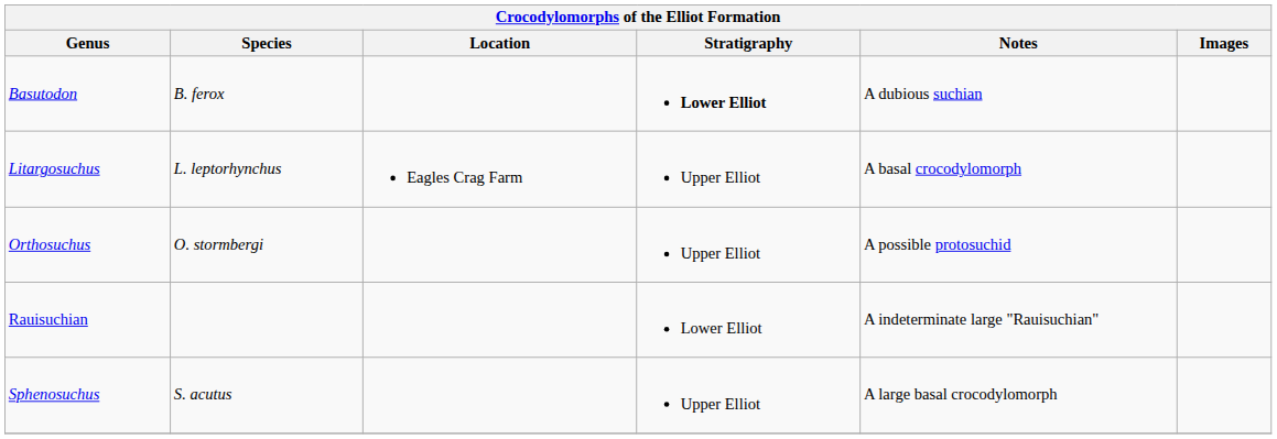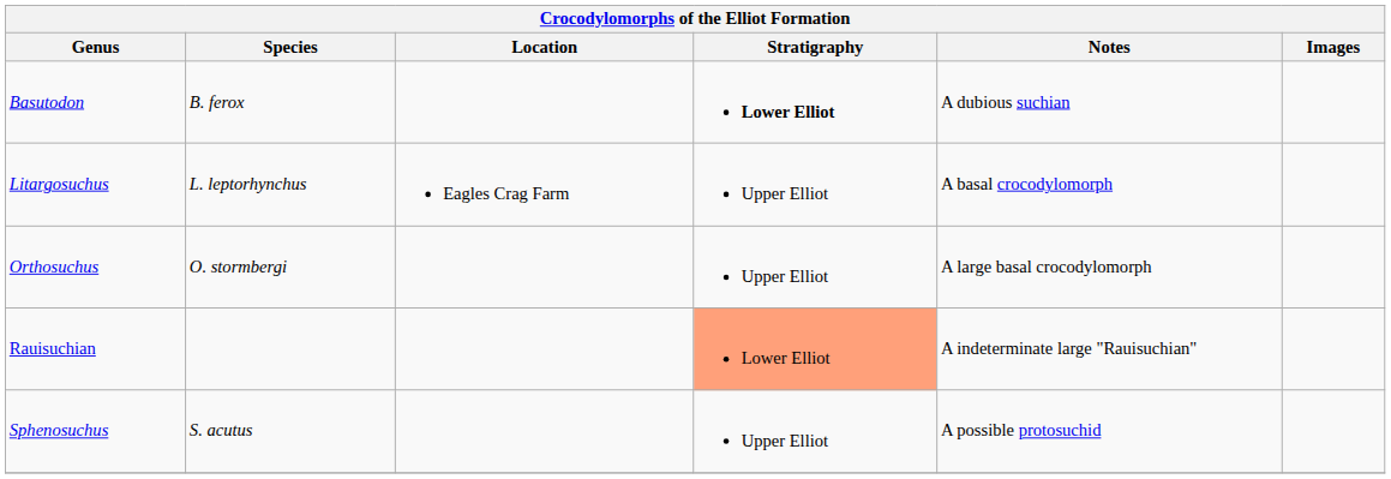 <table class="wikitable" style="width:100%">
 <tr>
 <th colspan="7" style="text-align: center;"><a href='#'>Crocodylomorphs</a> of the Elliot Formation</th>
 </tr>
 <tr>
 <th>Genus</th>
 <th>Species</th>
 <th>Location</th>
 <th>Stratigraphy</th>
 <th style="width: 25%;">Notes</th>
 <th>Images</th>
 </tr>
 <tr>
 <td><em><a href='#'>Basutodon</a></em></td>
 <td><em>B. ferox</em></td>
 <td></td>
 <td><strong><br><ul><li>Lower Elliot</li></ul></strong></td>
 <td>A dubious <a href='#'>suchian</a></td>
 <td></td>
 </tr>
 <tr>
 <td><em><a href='#'>Litargosuchus</a></em></td>
 <td><em>L. leptorhynchus</em></td>
 <td><br><ul><li>Eagles Crag Farm</li></ul></td>
 <td><br><ul><li>Upper Elliot</li></ul></td>
 <td>A basal <a href='#'>crocodylomorph</a></td>
 <td></td>
 </tr>
 <tr>
 <td><em><a href='#'>Orthosuchus</a></em></td>
 <td><em>O. stormbergi</em></td>
 <td></td>
 <td><br><ul><li>Upper Elliot</li></ul></td>
-<td>A possible <a href='#'>protosuchid</a></td>
+<td>A large basal crocodylomorph</td>
 <td></td>
 </tr>
 <tr>
 <td><a href='#'>Rauisuchian</a></td>
 <td></td>
 <td></td>
-<td><br><ul><li>Lower Elliot</li></ul></td>
+<td style="background: lightsalmon;"><br><ul><li>Lower Elliot</li></ul></td>
 <td>A indeterminate large "Rauisuchian"</td>
 <td></td>
 </tr>
 <tr>
 <td><em><a href='#'>Sphenosuchus</a></em></td>
 <td><em>S. acutus</em></td>
 <td></td>
 <td><br><ul><li>Upper Elliot</li></ul></td>
-<td>A large basal crocodylomorph</td>
+<td>A possible <a href='#'>protosuchid</a></td>
 <td></td>
 </tr>
 <tr>
 </tr>
 </table>
